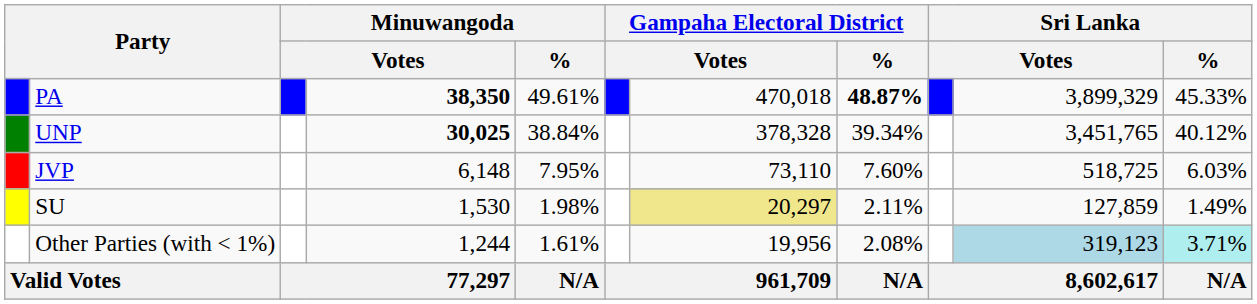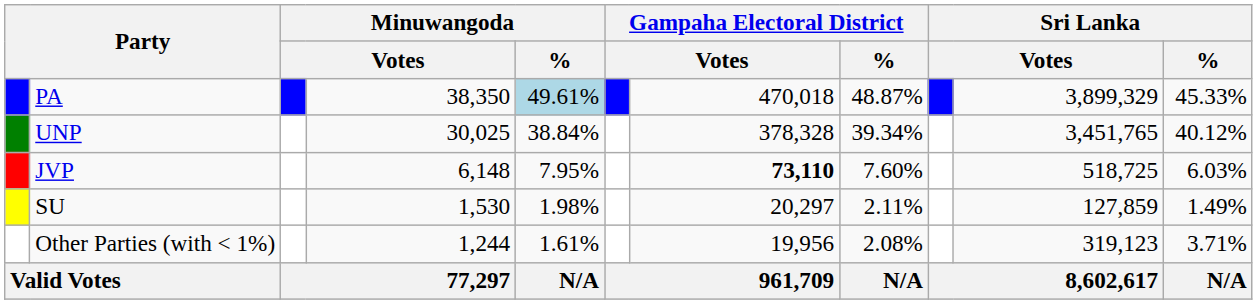 <table class="wikitable">
 <tr>
 <th colspan="2" width="144px"rowspan="2">Party</th>
 <th colspan="3" width="216px">Minuwangoda</th>
 <th colspan="3" width="216px"><a href='#'>Gampaha Electoral District</a></th>
 <th colspan="3" width="216px">Sri Lanka</th>
 </tr>
 <tr>
 <th colspan="2" width="144px">Votes</th>
 <th>%</th>
 <th colspan="2" width="144px">Votes</th>
 <th>%</th>
 <th colspan="2" width="144px">Votes</th>
 <th>%</th>
 </tr>
 <tr>
 <td style="background-color:blue;" width="10px"></td>
 <td style="text-align:left;"><a href='#'>PA</a></td>
 <td style="background-color:blue;" width="10px"></td>
-<td style="text-align:right;"><strong>38,350</strong></td>
-<td style="text-align:right;">49.61%</td>
+<td style="text-align:right;">38,350</td>
+<td style="background: lightblue; text-align:right;">49.61%</td>
 <td style="background-color:blue;" width="10px"></td>
 <td style="text-align:right;">470,018</td>
-<td style="text-align:right;"><strong>48.87%</strong></td>
+<td style="text-align:right;">48.87%</td>
 <td style="background-color:blue;" width="10px"></td>
 <td style="text-align:right;">3,899,329</td>
 <td style="text-align:right;">45.33%</td>
 </tr>
 <tr>
 <td style="background-color:green;" width="10px"></td>
 <td style="text-align:left;"><a href='#'>UNP</a></td>
 <td style="background-color:white;" width="10px"></td>
-<td style="text-align:right;"><strong>30,025</strong></td>
+<td style="text-align:right;">30,025</td>
 <td style="text-align:right;">38.84%</td>
 <td style="background-color:white;" width="10px"></td>
 <td style="text-align:right;">378,328</td>
 <td style="text-align:right;">39.34%</td>
 <td style="background-color:white;" width="10px"></td>
 <td style="text-align:right;">3,451,765</td>
 <td style="text-align:right;">40.12%</td>
 </tr>
 <tr>
 <td style="background-color:red;" width="10px"></td>
 <td style="text-align:left;"><a href='#'>JVP</a></td>
 <td style="background-color:white;" width="10px"></td>
 <td style="text-align:right;">6,148</td>
 <td style="text-align:right;">7.95%</td>
 <td style="background-color:white;" width="10px"></td>
-<td style="text-align:right;">73,110</td>
+<td style="text-align:right;"><strong>73,110</strong></td>
 <td style="text-align:right;">7.60%</td>
 <td style="background-color:white;" width="10px"></td>
 <td style="text-align:right;">518,725</td>
 <td style="text-align:right;">6.03%</td>
 </tr>
 <tr>
 <td style="background-color:yellow;" width="10px"></td>
 <td style="text-align:left;">SU</td>
 <td style="background-color:white;" width="10px"></td>
 <td style="text-align:right;">1,530</td>
 <td style="text-align:right;">1.98%</td>
 <td style="background-color:white;" width="10px"></td>
-<td style="background: khaki; text-align:right;">20,297</td>
+<td style="text-align:right;">20,297</td>
 <td style="text-align:right;">2.11%</td>
 <td style="background-color:white;" width="10px"></td>
 <td style="text-align:right;">127,859</td>
 <td style="text-align:right;">1.49%</td>
 </tr>
 <tr>
 <td style="background-color:white;" width="10px"></td>
 <td style="text-align:left;">Other Parties (with < 1%)</td>
 <td style="background-color:white;" width="10px"></td>
 <td style="text-align:right;">1,244</td>
 <td style="text-align:right;">1.61%</td>
 <td style="background-color:white;" width="10px"></td>
 <td style="text-align:right;">19,956</td>
 <td style="text-align:right;">2.08%</td>
 <td style="background-color:white;" width="10px"></td>
-<td style="background: lightblue; text-align:right;">319,123</td>
-<td style="background: paleturquoise; text-align:right;">3.71%</td>
+<td style="text-align:right;">319,123</td>
+<td style="text-align:right;">3.71%</td>
 </tr>
 <tr>
 <th colspan="2" width="144px"style="text-align:left;">Valid Votes</th>
 <th style="text-align:right;"colspan="2" width="144px">77,297</th>
 <th style="text-align:right;">N/A</th>
 <th style="text-align:right;"colspan="2" width="144px">961,709</th>
 <th style="text-align:right;">N/A</th>
 <th style="text-align:right;"colspan="2" width="144px">8,602,617</th>
 <th style="text-align:right;">N/A</th>
 </tr>
 </table>
